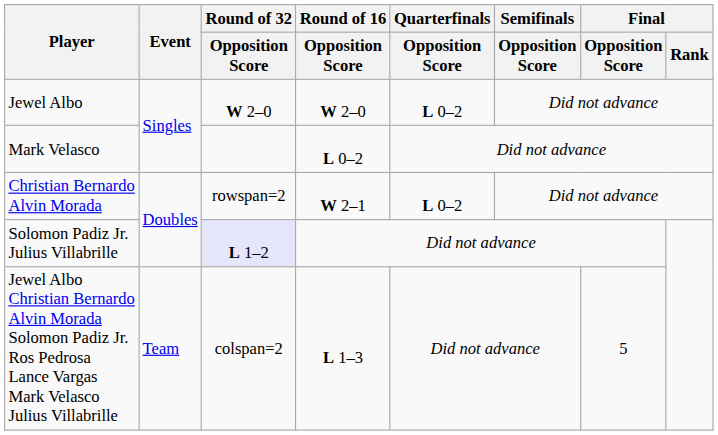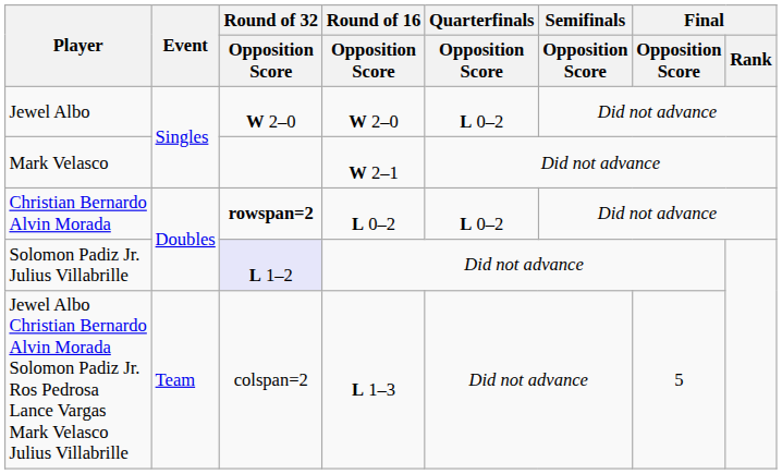 <table class="wikitable" style="font-size:90%">
 <tr>
 <th rowspan=2>Player</th>
 <th rowspan=2>Event</th>
 <th>Round of 32</th>
 <th>Round of 16</th>
 <th>Quarterfinals</th>
 <th>Semifinals</th>
 <th colspan=2>Final</th>
 </tr>
 <tr style="font-size:95">
 <th>Opposition<br>Score</th>
 <th>Opposition<br>Score</th>
 <th>Opposition<br>Score</th>
 <th>Opposition<br>Score</th>
 <th>Opposition<br>Score</th>
 <th>Rank</th>
 </tr>
 <tr align=center>
 <td align=left>Jewel Albo</td>
 <td align=left rowspan=2><a href='#'>Singles</a></td>
 <td><br><strong>W</strong> 2–0</td>
 <td><br><strong>W</strong> 2–0</td>
 <td><br><strong>L</strong> 0–2</td>
 <td colspan=3><em>Did not advance</em></td>
 </tr>
 <tr align=center>
 <td align=left>Mark Velasco</td>
 <td></td>
-<td><br><strong>L</strong> 0–2</td>
+<td><br><strong>W</strong> 2–1</td>
 <td colspan=4><em>Did not advance</em></td>
 </tr>
 <tr align=center>
 <td align=left><a href='#'>Christian Bernardo</a><br><a href='#'>Alvin Morada</a></td>
 <td align=left rowspan=2><a href='#'>Doubles</a></td>
-<td>rowspan=2 </td>
-<td><br><strong>W</strong> 2–1</td>
+<td><strong>rowspan=2 </strong></td>
+<td><br><strong>L</strong> 0–2</td>
 <td><br><strong>L</strong> 0–2</td>
 <td colspan=3><em>Did not advance</em></td>
 </tr>
 <tr align=center>
 <td align=left>Solomon Padiz Jr.<br>Julius Villabrille</td>
 <td style="background: lavender;"><br><strong>L</strong> 1–2</td>
 <td colspan=4><em>Did not advance</em></td>
 </tr>
 <tr align=center>
 <td align=left>Jewel Albo<br><a href='#'>Christian Bernardo</a><br><a href='#'>Alvin Morada</a><br>Solomon Padiz Jr.<br>Ros Pedrosa<br>Lance Vargas<br>Mark Velasco<br>Julius Villabrille</td>
 <td align=left><a href='#'>Team</a></td>
 <td>colspan=2 </td>
 <td><br><strong>L</strong> 1–3</td>
 <td colspan=2><em>Did not advance</em></td>
 <td>5</td>
 </tr>
 </table>
